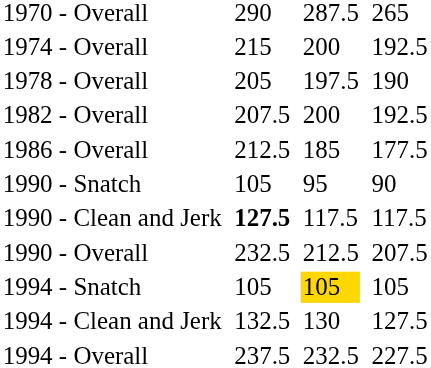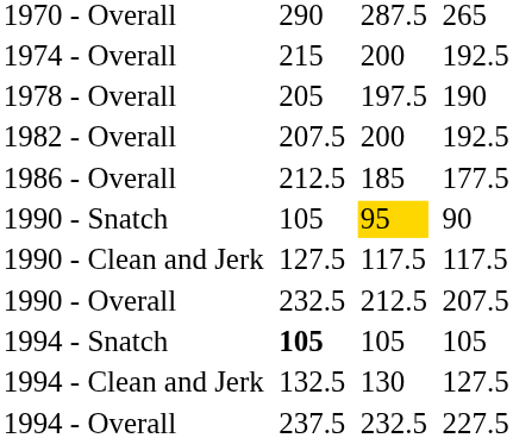 <table>
 <tr>
 <td>1970 - Overall</td>
 <td></td>
 <td>290</td>
 <td></td>
 <td>287.5</td>
 <td></td>
 <td>265</td>
 </tr>
 <tr>
 <td>1974 - Overall</td>
 <td></td>
 <td>215</td>
 <td></td>
 <td>200</td>
 <td></td>
 <td>192.5</td>
 </tr>
 <tr>
 <td>1978 - Overall</td>
 <td></td>
 <td>205</td>
 <td></td>
 <td>197.5</td>
 <td></td>
 <td>190</td>
 </tr>
 <tr>
 <td>1982 - Overall</td>
 <td></td>
 <td>207.5</td>
 <td></td>
 <td>200</td>
 <td></td>
 <td>192.5</td>
 </tr>
 <tr>
 <td>1986 - Overall</td>
 <td></td>
 <td>212.5</td>
 <td></td>
 <td>185</td>
 <td></td>
 <td>177.5</td>
 </tr>
 <tr>
 <td>1990 - Snatch</td>
 <td></td>
 <td>105</td>
 <td></td>
-<td>95</td>
+<td style="background: gold;">95</td>
 <td></td>
 <td>90</td>
 </tr>
 <tr>
 <td>1990 - Clean and Jerk</td>
 <td></td>
-<td><strong>127.5</strong></td>
+<td>127.5</td>
 <td></td>
 <td>117.5</td>
 <td></td>
 <td>117.5</td>
 </tr>
 <tr>
 <td>1990 - Overall</td>
 <td></td>
 <td>232.5</td>
 <td></td>
 <td>212.5</td>
 <td></td>
 <td>207.5</td>
 </tr>
 <tr>
 <td>1994 - Snatch</td>
 <td></td>
+<td><strong>105</strong></td>
+<td></td>
 <td>105</td>
-<td></td>
-<td style="background: gold;">105</td>
 <td></td>
 <td>105</td>
 </tr>
 <tr>
 <td>1994 - Clean and Jerk</td>
 <td></td>
 <td>132.5</td>
 <td></td>
 <td>130</td>
 <td></td>
 <td>127.5</td>
 </tr>
 <tr>
 <td>1994 - Overall</td>
 <td></td>
 <td>237.5</td>
 <td></td>
 <td>232.5</td>
 <td></td>
 <td>227.5</td>
 </tr>
 </table>
